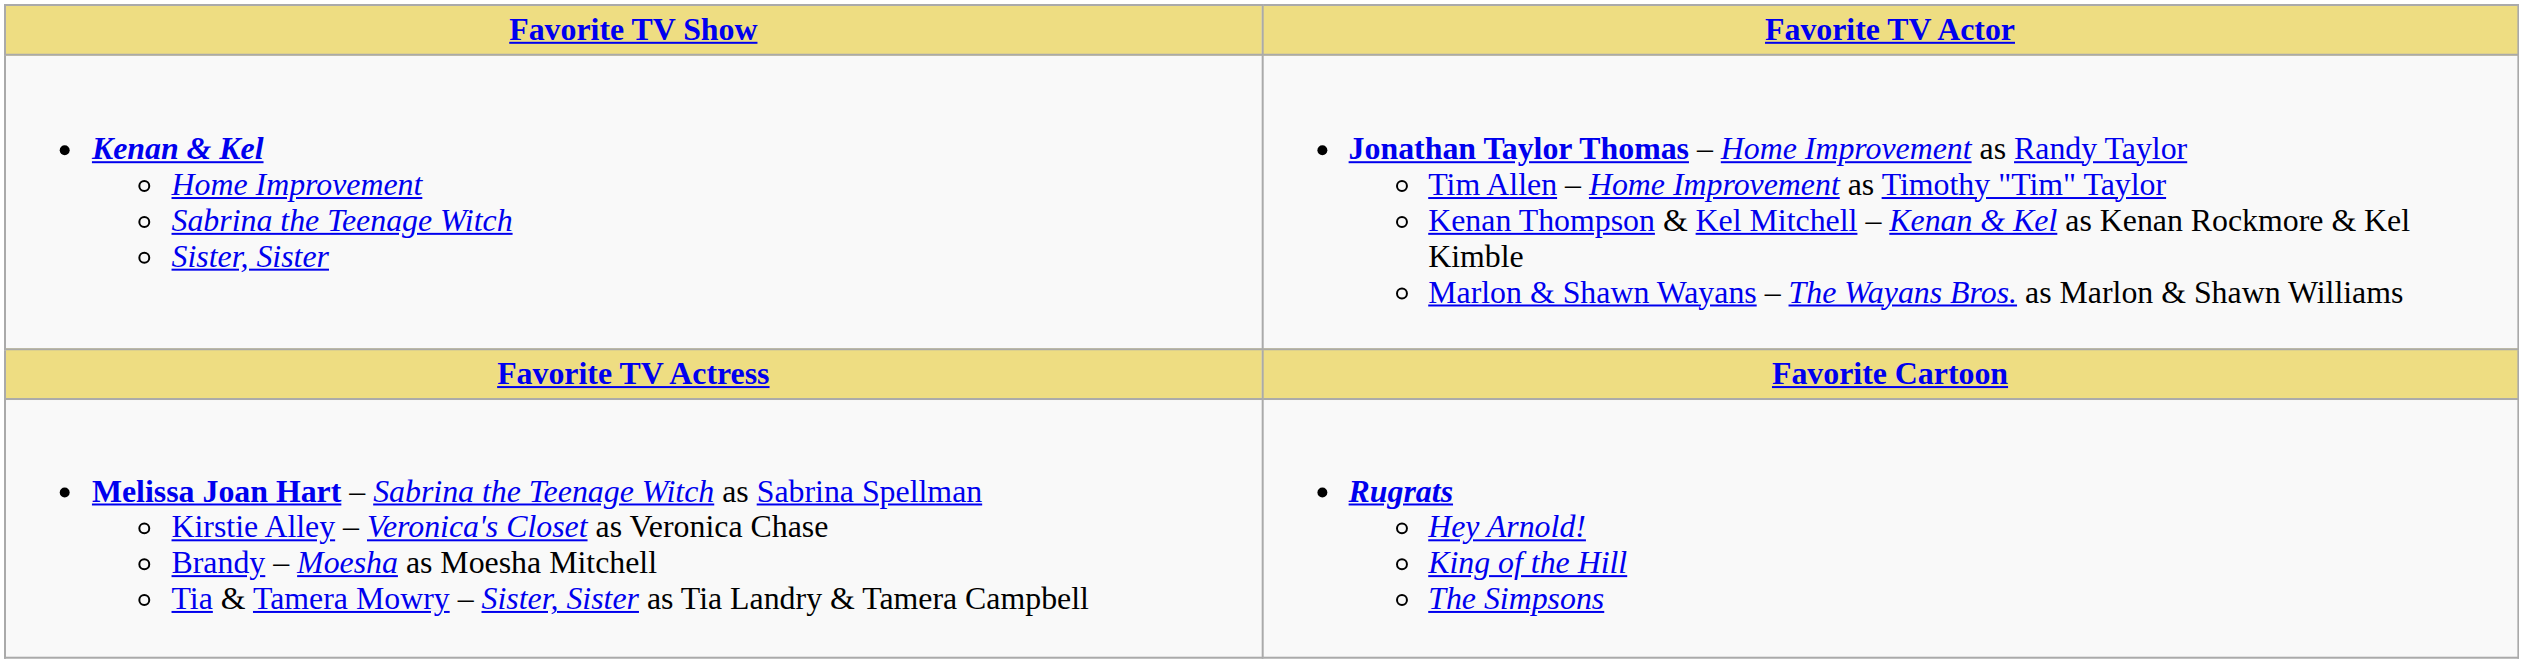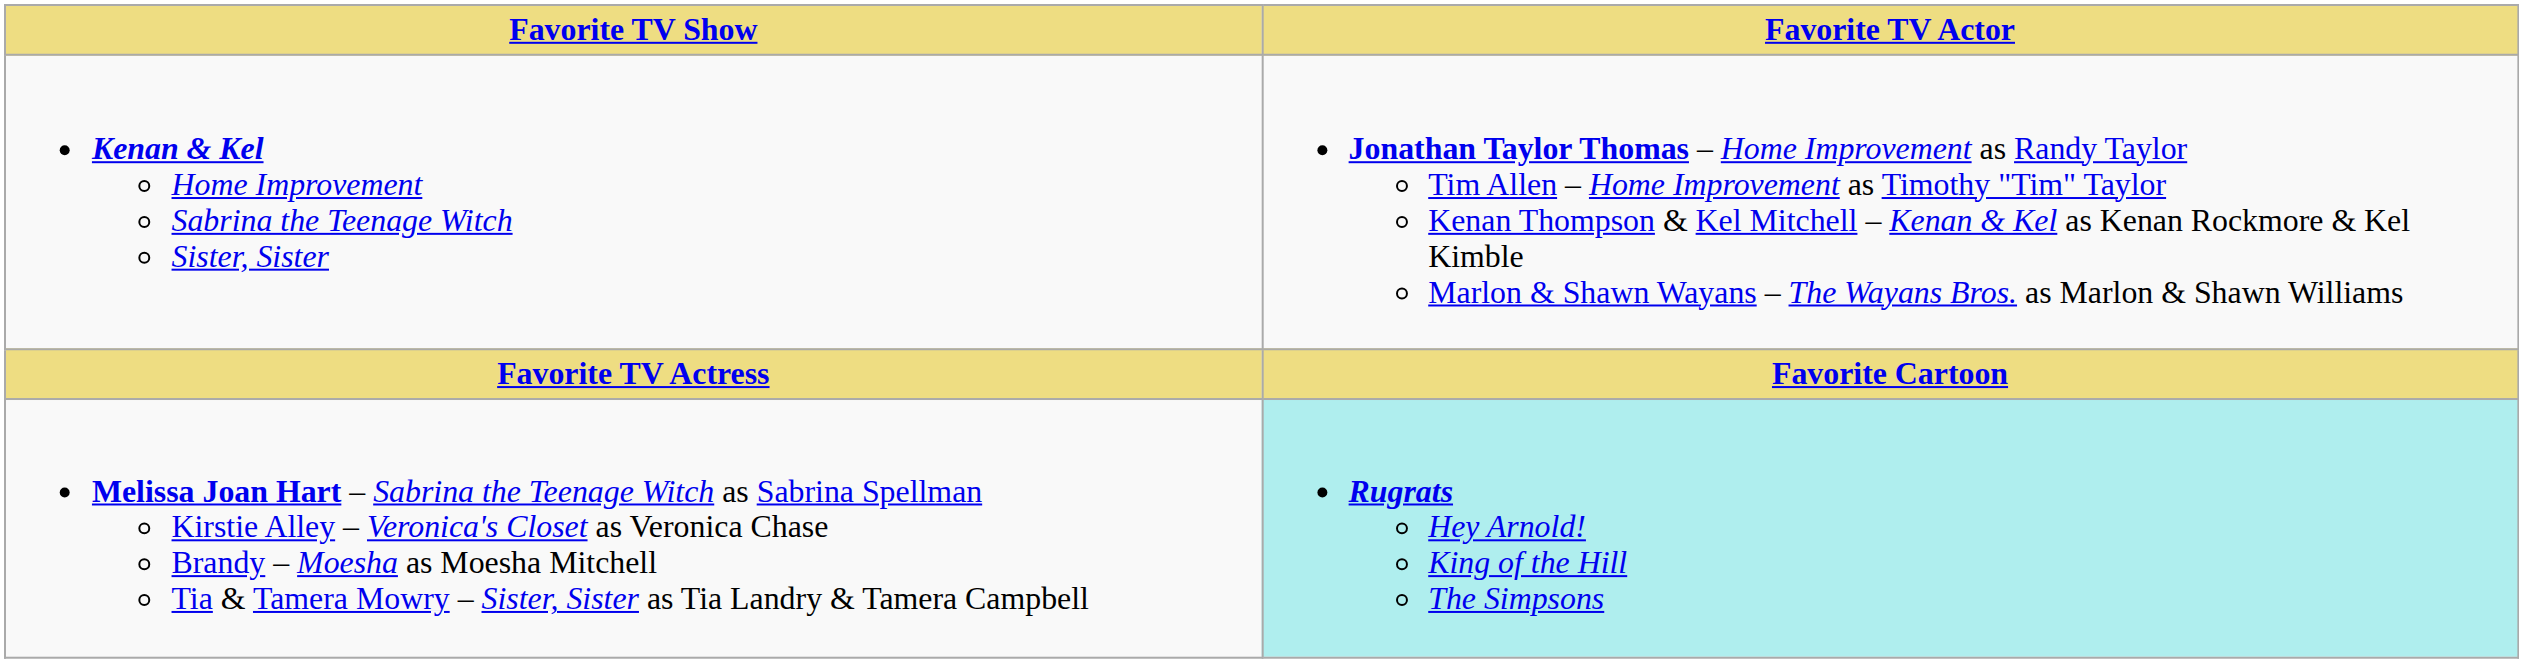 <table class="wikitable" style="width:100%">
 <tr>
 <th style="background:#EEDD82; width:50%"><a href='#'>Favorite TV Show</a></th>
 <th style="background:#EEDD82; width:50%"><a href='#'>Favorite TV Actor</a></th>
 </tr>
 <tr>
 <td valign="top"><br><ul><li><strong><em><a href='#'>Kenan & Kel</a></em></strong><ul><li><em><a href='#'>Home Improvement</a></em></li><li><em><a href='#'>Sabrina the Teenage Witch</a></em></li><li><em><a href='#'>Sister, Sister</a></em></li></ul></li></ul></td>
 <td valign="top"><br><ul><li><strong><a href='#'>Jonathan Taylor Thomas</a></strong> – <em><a href='#'>Home Improvement</a></em> as <a href='#'>Randy Taylor</a><ul><li><a href='#'>Tim Allen</a> – <em><a href='#'>Home Improvement</a></em> as <a href='#'>Timothy "Tim" Taylor</a></li><li><a href='#'>Kenan Thompson</a> & <a href='#'>Kel Mitchell</a> – <em><a href='#'>Kenan & Kel</a></em> as Kenan Rockmore & Kel Kimble</li><li><a href='#'>Marlon & Shawn Wayans</a> – <em><a href='#'>The Wayans Bros.</a></em> as Marlon & Shawn Williams</li></ul></li></ul></td>
 </tr>
 <tr>
 <th style="background:#EEDD82; width:50%"><a href='#'>Favorite TV Actress</a></th>
 <th style="background:#EEDD82; width:50%"><a href='#'>Favorite Cartoon</a></th>
 </tr>
 <tr>
 <td valign="top"><br><ul><li><strong><a href='#'>Melissa Joan Hart</a></strong> – <em><a href='#'>Sabrina the Teenage Witch</a></em> as <a href='#'>Sabrina Spellman</a><ul><li><a href='#'>Kirstie Alley</a> – <em><a href='#'>Veronica's Closet</a></em> as Veronica Chase</li><li><a href='#'>Brandy</a> – <em><a href='#'>Moesha</a></em> as Moesha Mitchell</li><li><a href='#'>Tia</a> & <a href='#'>Tamera Mowry</a> – <em><a href='#'>Sister, Sister</a></em> as Tia Landry & Tamera Campbell</li></ul></li></ul></td>
-<td valign="top"><br><ul><li><strong><em><a href='#'>Rugrats</a></em></strong><ul><li><em><a href='#'>Hey Arnold!</a></em></li><li><em><a href='#'>King of the Hill</a></em></li><li><em><a href='#'>The Simpsons</a></em></li></ul></li></ul></td>
+<td valign="top" style="background: paleturquoise;"><br><ul><li><strong><em><a href='#'>Rugrats</a></em></strong><ul><li><em><a href='#'>Hey Arnold!</a></em></li><li><em><a href='#'>King of the Hill</a></em></li><li><em><a href='#'>The Simpsons</a></em></li></ul></li></ul></td>
 </tr>
 </table>
